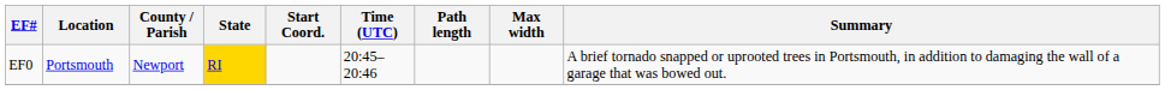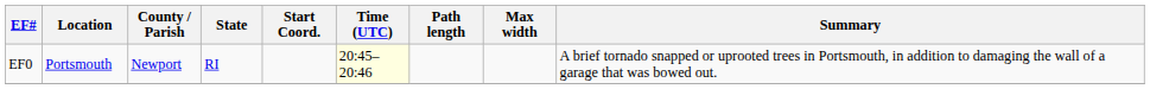 <table class="wikitable sortable" style="width:100%;">
 <tr>
 <th scope="col"  style="width:3%; text-align:center;"><a href='#'>EF#</a></th>
 <th scope="col"  style="width:7%; text-align:center;" class="unsortable">Location</th>
 <th scope="col"  style="width:6%; text-align:center;" class="unsortable">County / Parish</th>
 <th scope="col"  style="width:5%; text-align:center;">State</th>
 <th scope="col"  style="width:6%; text-align:center;">Start Coord.</th>
 <th scope="col"  style="width:6%; text-align:center;">Time (<a href='#'>UTC</a>)</th>
 <th scope="col"  style="width:6%; text-align:center;">Path length</th>
 <th scope="col"  style="width:6%; text-align:center;">Max width</th>
 <th scope="col" class="unsortable" style="width:48%; text-align:center;">Summary</th>
 </tr>
 <tr>
 <td bgcolor=>EF0</td>
 <td><a href='#'>Portsmouth</a></td>
 <td><a href='#'>Newport</a></td>
-<td style="background: gold;"><a href='#'>RI</a></td>
+<td><a href='#'>RI</a></td>
 <td></td>
-<td>20:45–20:46</td>
+<td style="background: lightyellow;">20:45–20:46</td>
 <td></td>
 <td></td>
 <td>A brief tornado snapped or uprooted trees in Portsmouth, in addition to damaging the wall of a garage that was bowed out.</td>
 </tr>
 <tr>
 </tr>
 </table>
